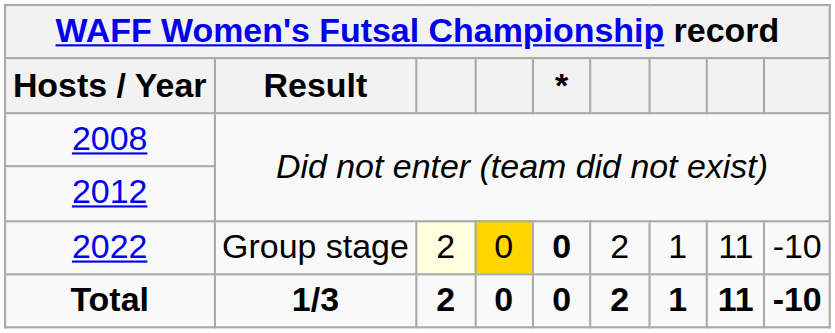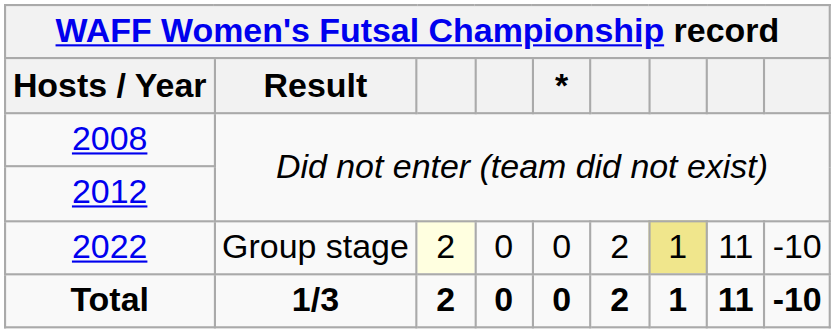 <table class="wikitable mw-collapsible" style="text-align: center;font-size:100%;">
 <tr>
 <th colspan="9"><a href='#'>WAFF Women's Futsal Championship</a> record</th>
 </tr>
 <tr>
 <th>Hosts / Year</th>
 <th>Result</th>
 <th width=20></th>
 <th width=20></th>
 <th width=20>*</th>
 <th width=20></th>
 <th width=20></th>
 <th width=20></th>
 <th width=20></th>
 </tr>
 <tr>
 <td> <a href='#'>2008</a></td>
 <td colspan=8 rowspan=2><em>Did not enter (team did not exist)</em></td>
 </tr>
 <tr>
 <td> <a href='#'>2012</a></td>
 </tr>
 <tr>
 <td> <a href='#'>2022</a></td>
 <td>Group stage</td>
 <td style="background: lightyellow;">2</td>
-<td style="background: gold;">0</td>
-<td><strong>0</strong></td>
+<td>0</td>
+<td>0</td>
 <td>2</td>
-<td>1</td>
+<td style="background: khaki;">1</td>
 <td>11</td>
 <td>-10</td>
 </tr>
 <tr>
 <td><strong>Total</strong></td>
 <td><strong>1/3</strong></td>
 <td><strong>2</strong></td>
 <td><strong>0</strong></td>
 <td><strong>0</strong></td>
 <td><strong>2</strong></td>
 <td><strong>1</strong></td>
 <td><strong>11</strong></td>
 <td><strong>-10</strong></td>
 </tr>
 </table>
